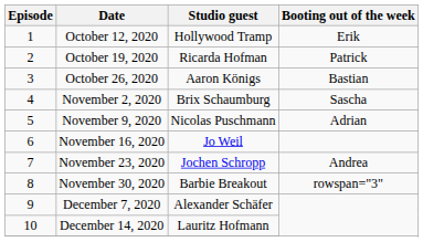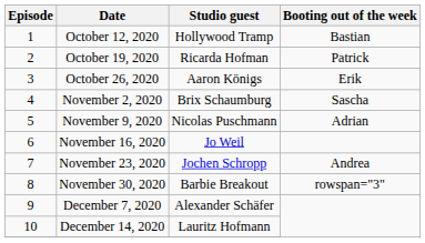 <table class="wikitable" style="text-align:center; ">
 <tr>
 <th>Episode</th>
 <th>Date</th>
 <th>Studio guest</th>
 <th>Booting out of the week</th>
 </tr>
 <tr>
 <td>1</td>
 <td>October 12, 2020</td>
 <td>Hollywood Tramp</td>
-<td>Erik</td>
+<td>Bastian</td>
 </tr>
 <tr>
 <td>2</td>
 <td>October 19, 2020</td>
 <td>Ricarda Hofman</td>
 <td>Patrick</td>
 </tr>
 <tr>
 <td>3</td>
 <td>October 26, 2020</td>
 <td>Aaron Königs</td>
-<td>Bastian</td>
+<td>Erik</td>
 </tr>
 <tr>
 <td>4</td>
 <td>November 2, 2020</td>
 <td>Brix Schaumburg</td>
 <td>Sascha</td>
 </tr>
 <tr>
 <td>5</td>
 <td>November 9, 2020</td>
 <td>Nicolas Puschmann</td>
 <td>Adrian</td>
 </tr>
 <tr>
 <td>6</td>
 <td>November 16, 2020</td>
 <td><a href='#'>Jo Weil</a></td>
 <td></td>
 </tr>
 <tr>
 <td>7</td>
 <td>November 23, 2020</td>
 <td><a href='#'>Jochen Schropp</a></td>
 <td>Andrea</td>
 </tr>
 <tr>
 <td>8</td>
 <td>November 30, 2020</td>
 <td>Barbie Breakout</td>
 <td>rowspan="3" </td>
 </tr>
 <tr>
 <td>9</td>
 <td>December 7, 2020</td>
 <td>Alexander Schäfer</td>
 </tr>
 <tr>
 <td>10</td>
 <td>December 14, 2020</td>
 <td>Lauritz Hofmann</td>
 </tr>
 <tr>
 </tr>
 </table>
